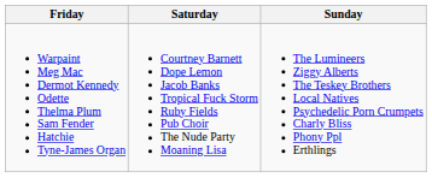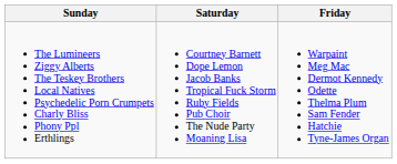 <table class="wikitable">
 <tr>
+<th>Sunday</th>
+<th>Saturday</th>
 <th>Friday</th>
-<th>Saturday</th>
-<th>Sunday</th>
 </tr>
 <tr valign="top">
+<td><br><ul><li><a href='#'>The Lumineers</a></li><li><a href='#'>Ziggy Alberts</a></li><li><a href='#'>The Teskey Brothers</a></li><li><a href='#'>Local Natives</a></li><li><a href='#'>Psychedelic Porn Crumpets</a></li><li><a href='#'>Charly Bliss</a></li><li><a href='#'>Phony Ppl</a></li><li>Erthlings</li></ul></td>
+<td><br><ul><li><a href='#'>Courtney Barnett</a></li><li><a href='#'>Dope Lemon</a></li><li><a href='#'>Jacob Banks</a></li><li><a href='#'>Tropical Fuck Storm</a></li><li><a href='#'>Ruby Fields</a></li><li><a href='#'>Pub Choir</a></li><li>The Nude Party</li><li><a href='#'>Moaning Lisa</a></li></ul></td>
 <td><br><ul><li><a href='#'>Warpaint</a></li><li><a href='#'>Meg Mac</a></li><li><a href='#'>Dermot Kennedy</a></li><li><a href='#'>Odette</a></li><li><a href='#'>Thelma Plum</a></li><li><a href='#'>Sam Fender</a></li><li><a href='#'>Hatchie</a></li><li><a href='#'>Tyne-James Organ</a></li></ul></td>
-<td><br><ul><li><a href='#'>Courtney Barnett</a></li><li><a href='#'>Dope Lemon</a></li><li><a href='#'>Jacob Banks</a></li><li><a href='#'>Tropical Fuck Storm</a></li><li><a href='#'>Ruby Fields</a></li><li><a href='#'>Pub Choir</a></li><li>The Nude Party</li><li><a href='#'>Moaning Lisa</a></li></ul></td>
-<td><br><ul><li><a href='#'>The Lumineers</a></li><li><a href='#'>Ziggy Alberts</a></li><li><a href='#'>The Teskey Brothers</a></li><li><a href='#'>Local Natives</a></li><li><a href='#'>Psychedelic Porn Crumpets</a></li><li><a href='#'>Charly Bliss</a></li><li><a href='#'>Phony Ppl</a></li><li>Erthlings</li></ul></td>
 </tr>
 </table>
